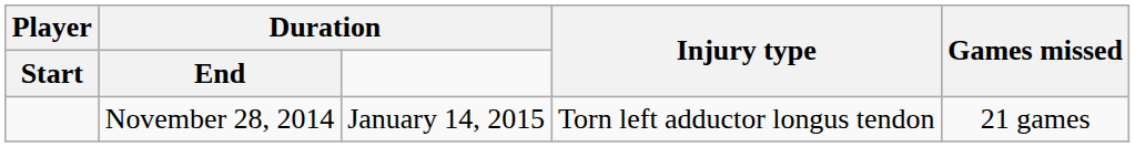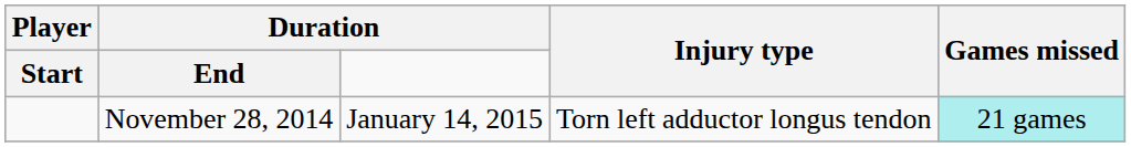 <table class="wikitable sortable collapsible collapsed" style="text-align:center;">
 <tr>
 <th Kyle Lowry="2">Player</th>
 <th colspan="2">Duration</th>
 <th rowspan="2">Injury type</th>
 <th rowspan="2">Games missed</th>
 </tr>
 <tr>
 <th>Start</th>
 <th>End<br></th>
 </tr>
 <tr>
 <td></td>
 <td>November 28, 2014</td>
 <td>January 14, 2015</td>
 <td>Torn left adductor longus tendon</td>
-<td>21 games</td>
+<td style="background: paleturquoise;">21 games</td>
 </tr>
 </table>
